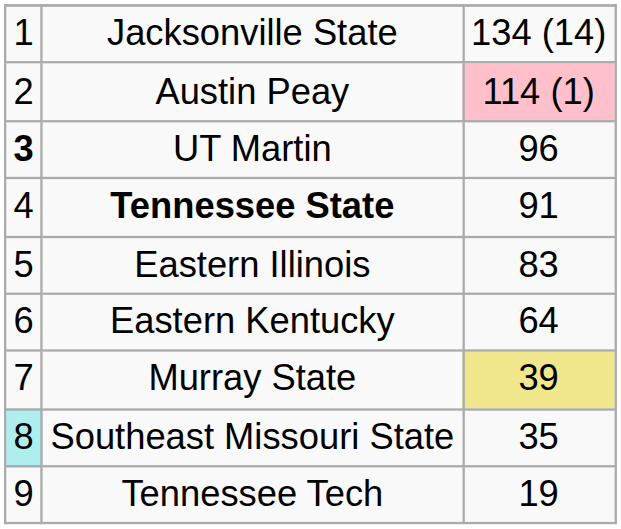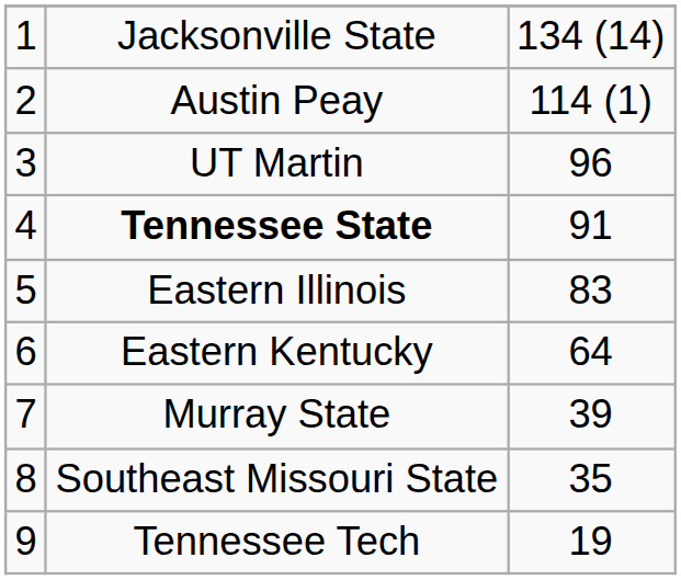 <table class="wikitable" style="display: inline-table;">
 <tr align="center">
 </tr>
 <tr align="center">
 <td>1</td>
 <td>Jacksonville State</td>
 <td>134 (14)</td>
 </tr>
 <tr align="center">
 <td>2</td>
 <td>Austin Peay</td>
-<td style="background: pink;">114 (1)</td>
+<td>114 (1)</td>
 </tr>
 <tr align="center">
-<td><strong>3</strong></td>
+<td>3</td>
 <td>UT Martin</td>
 <td>96</td>
 </tr>
 <tr align="center">
 <td>4</td>
 <td><strong>Tennessee State</strong></td>
 <td>91</td>
 </tr>
 <tr align="center">
 <td>5</td>
 <td>Eastern Illinois</td>
 <td>83</td>
 </tr>
 <tr align="center">
 <td>6</td>
 <td>Eastern Kentucky</td>
 <td>64</td>
 </tr>
 <tr align="center">
 <td>7</td>
 <td>Murray State</td>
-<td style="background: khaki;">39</td>
+<td>39</td>
 </tr>
 <tr align="center">
-<td style="background: paleturquoise;">8</td>
+<td>8</td>
 <td>Southeast Missouri State</td>
 <td>35</td>
 </tr>
 <tr align="center">
 <td>9</td>
 <td>Tennessee Tech</td>
 <td>19</td>
 </tr>
 </table>
